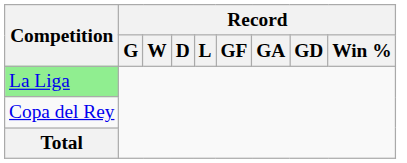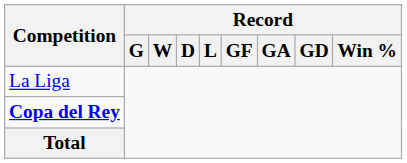 <table class="wikitable" style="text-align: center">
 <tr>
 <th rowspan="2">Competition</th>
 <th colspan="9">Record</th>
 </tr>
 <tr>
 <th>G</th>
 <th>W</th>
 <th>D</th>
 <th>L</th>
 <th>GF</th>
 <th>GA</th>
 <th>GD</th>
 <th>Win %</th>
 </tr>
 <tr>
-<td style="background: lightgreen; text-align: left"><a href='#'>La Liga</a><br></td>
+<td style="text-align: left"><a href='#'>La Liga</a><br></td>
 </tr>
 <tr>
-<td style="text-align: left"><a href='#'>Copa del Rey</a><br></td>
+<td style="text-align: left"><strong><a href='#'>Copa del Rey</a><br></strong></td>
 </tr>
 <tr>
 <th>Total<br></th>
 </tr>
 </table>
